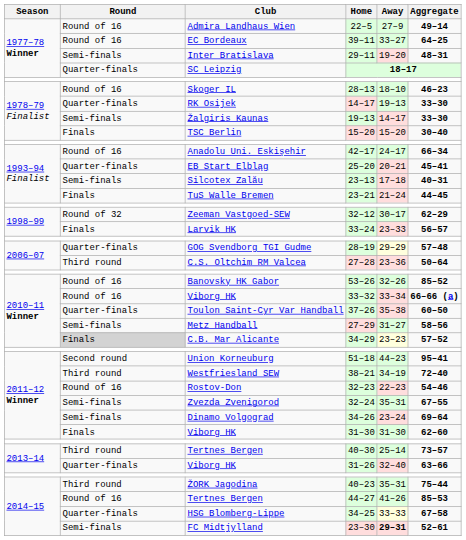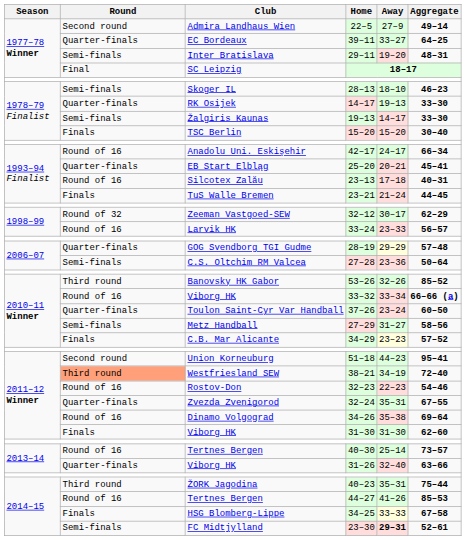 <table class="wikitable">
 <tr>
 <th width=75>Season</th>
 <th width=175>Round</th>
 <th>Club</th>
 <th>Home</th>
 <th>Away</th>
 <th>Aggregate</th>
 </tr>
 <tr>
 <td rowspan=4><a href='#'>1977–78</a><br> <strong>Winner</strong></td>
-<td>Round of 16</td>
+<td>Second round</td>
 <td> <a href='#'>Admira Landhaus Wien</a></td>
 <td style="text-align:center; background:#dfd;">22–5</td>
 <td style="text-align:center; background:#dfd;">27–9</td>
 <td style="text-align:center;"><strong>49–14</strong></td>
 </tr>
 <tr>
-<td>Round of 16</td>
+<td>Quarter-finals</td>
 <td> <a href='#'>EC Bordeaux</a></td>
 <td style="text-align:center; background:#dfd;">39–11</td>
 <td style="text-align:center; background:#dfd;">33–27</td>
 <td style="text-align:center;"><strong>64–25</strong></td>
 </tr>
 <tr>
 <td>Semi-finals</td>
 <td> <a href='#'>Inter Bratislava</a></td>
 <td style="text-align:center; background:#dfd;">29–11</td>
 <td style="text-align:center; background:#fdd;">19–20</td>
 <td style="text-align:center;"><strong>48–31</strong></td>
 </tr>
 <tr>
-<td>Quarter-finals</td>
+<td>Final</td>
 <td> <a href='#'>SC Leipzig</a></td>
 <td colspan=3; style="text-align:center; background:#dfd;"><strong>18–17</strong></td>
 </tr>
 <tr>
 <td colspan=7 style="text-align: center;" bgcolor=white></td>
 </tr>
 <tr>
 <td rowspan=4><a href='#'>1978–79</a><br> <em>Finalist</em></td>
-<td>Round of 16</td>
+<td>Semi-finals</td>
 <td> <a href='#'>Skoger IL</a></td>
 <td style="text-align:center; background:#dfd;">28–13</td>
 <td style="text-align:center; background:#dfd;">18–10</td>
 <td style="text-align:center;"><strong>46–23</strong></td>
 </tr>
 <tr>
 <td>Quarter-finals</td>
 <td> <a href='#'>RK Osijek</a></td>
 <td style="text-align:center; background:#fdd;">14–17</td>
 <td style="text-align:center; background:#dfd;">19–13</td>
 <td style="text-align:center;"><strong>33–30</strong></td>
 </tr>
 <tr>
 <td>Semi-finals</td>
 <td> <a href='#'>Žalgiris Kaunas</a></td>
 <td style="text-align:center; background:#dfd;">19–13</td>
 <td style="text-align:center; background:#fdd;">14–17</td>
 <td style="text-align:center;"><strong>33–30</strong></td>
 </tr>
 <tr>
 <td>Finals</td>
 <td> <a href='#'>TSC Berlin</a></td>
 <td style="text-align:center; background:#fdd;">15–20</td>
 <td style="text-align:center; background:#fdd;">15–20</td>
 <td style="text-align:center;"><strong>30–40</strong></td>
 </tr>
 <tr>
 <td colspan=7 style="text-align: center;" bgcolor=white></td>
 </tr>
 <tr>
 <td rowspan=4><a href='#'>1993–94</a><br> <em>Finalist</em></td>
 <td>Round of 16</td>
 <td> <a href='#'>Anadolu Uni. Eskişehir</a></td>
 <td style="text-align:center; background:#dfd;">42–17</td>
 <td style="text-align:center; background:#dfd;">24–17</td>
 <td style="text-align:center;"><strong>66–34</strong></td>
 </tr>
 <tr>
 <td>Quarter-finals</td>
 <td> <a href='#'>EB Start Elbląg</a></td>
 <td style="text-align:center; background:#dfd;">25–20</td>
 <td style="text-align:center; background:#fdd;">20–21</td>
 <td style="text-align:center;"><strong>45–41</strong></td>
 </tr>
 <tr>
-<td>Semi-finals</td>
+<td>Round of 16</td>
 <td> <a href='#'>Silcotex Zalău</a></td>
 <td style="text-align:center; background:#dfd;">23–13</td>
 <td style="text-align:center; background:#fdd;">17–18</td>
 <td style="text-align:center;"><strong>40–31</strong></td>
 </tr>
 <tr>
 <td>Finals</td>
 <td> <a href='#'>TuS Walle Bremen</a></td>
 <td style="text-align:center; background:#dfd;">23–21</td>
 <td style="text-align:center; background:#fdd;">21–24</td>
 <td style="text-align:center;"><strong>44–45</strong></td>
 </tr>
 <tr>
 <td colspan=7 style="text-align: center;" bgcolor=white></td>
 </tr>
 <tr>
 <td rowspan=2><a href='#'>1998–99</a></td>
 <td>Round of 32</td>
 <td> <a href='#'>Zeeman Vastgoed-SEW</a></td>
 <td style="text-align:center; background:#dfd;">32–12</td>
 <td style="text-align:center; background:#dfd;">30–17</td>
 <td style="text-align:center;"><strong>62–29</strong></td>
 </tr>
 <tr>
-<td>Finals</td>
+<td>Round of 16</td>
 <td> <a href='#'>Larvik HK</a></td>
 <td style="text-align:center; background:#dfd;">33–24</td>
 <td style="text-align:center; background:#fdd;">23–33</td>
 <td style="text-align:center;"><strong>56–57</strong></td>
 </tr>
 <tr>
 <td colspan=7 style="text-align: center;" bgcolor=white></td>
 </tr>
 <tr>
 <td rowspan=2><a href='#'>2006–07</a></td>
 <td>Quarter-finals</td>
 <td> <a href='#'>GOG Svendborg TGI Gudme</a></td>
 <td style="text-align:center; background:#dfd;">28–19</td>
 <td style="text-align:center; background:#ffd;">29–29</td>
 <td style="text-align:center;"><strong>57–48</strong></td>
 </tr>
 <tr>
-<td>Third round</td>
+<td>Semi-finals</td>
 <td> <a href='#'>C.S. Oltchim RM Valcea</a></td>
 <td style="text-align:center; background:#fdd;">27–28</td>
 <td style="text-align:center; background:#fdd;">23–36</td>
 <td style="text-align:center;"><strong>50–64</strong></td>
 </tr>
 <tr>
 <td colspan=7 style="text-align: center;" bgcolor=white></td>
 </tr>
 <tr>
 <td rowspan=5><a href='#'>2010–11</a><br> <strong>Winner</strong></td>
-<td>Round of 16</td>
+<td>Third round</td>
 <td> <a href='#'>Banovsky HK Gabor</a></td>
 <td style="text-align:center; background:#dfd;">53–26</td>
 <td style="text-align:center; background:#dfd;">32–26</td>
 <td style="text-align:center;"><strong>85–52</strong></td>
 </tr>
 <tr>
 <td>Round of 16</td>
 <td> <a href='#'>Viborg HK</a></td>
 <td style="text-align:center; background:#dfd;">33–32</td>
 <td style="text-align:center; background:#fdd;">33–34</td>
 <td style="text-align:center;"><strong>66–66 (<a href='#'>a</a>)</strong></td>
 </tr>
 <tr>
 <td>Quarter-finals</td>
 <td> <a href='#'>Toulon Saint-Cyr Var Handball</a></td>
 <td style="text-align:center; background:#dfd;">37–26</td>
-<td style="text-align:center; background:#fdd;">35–38</td>
+<td style="text-align:center; background:#fdd;">23–24</td>
 <td style="text-align:center;"><strong>60–50</strong></td>
 </tr>
 <tr>
 <td>Semi-finals</td>
 <td> <a href='#'>Metz Handball</a></td>
 <td style="text-align:center; background:#fdd;">27–29</td>
 <td style="text-align:center; background:#dfd;">31–27</td>
 <td style="text-align:center;"><strong>58–56</strong></td>
 </tr>
 <tr>
-<td style="background: lightgrey;">Finals</td>
+<td>Finals</td>
 <td> <a href='#'>C.B. Mar Alicante</a></td>
 <td style="text-align:center; background:#dfd;">34–29</td>
 <td style="text-align:center; background:#ffd;">23–23</td>
 <td style="text-align:center;"><strong>57–52</strong></td>
 </tr>
 <tr>
 <td colspan=7 style="text-align: center;" bgcolor=white></td>
 </tr>
 <tr>
 <td rowspan=6><a href='#'>2011–12</a><br> <strong>Winner</strong></td>
 <td>Second round</td>
 <td> <a href='#'>Union Korneuburg</a></td>
 <td style="text-align:center; background:#dfd;">51–18</td>
 <td style="text-align:center; background:#dfd;">44–23</td>
 <td style="text-align:center;"><strong>95–41</strong></td>
 </tr>
 <tr>
-<td>Third round</td>
+<td style="background: lightsalmon;">Third round</td>
 <td> <a href='#'>Westfriesland SEW</a></td>
 <td style="text-align:center; background:#dfd;">38–21</td>
 <td style="text-align:center; background:#dfd;">34–19</td>
 <td style="text-align:center;"><strong>72–40</strong></td>
 </tr>
 <tr>
 <td>Round of 16</td>
 <td> <a href='#'>Rostov-Don</a></td>
 <td style="text-align:center; background:#dfd;">32–23</td>
 <td style="text-align:center; background:#fdd;">22–23</td>
 <td style="text-align:center;"><strong>54–46</strong></td>
 </tr>
 <tr>
-<td>Semi-finals</td>
+<td>Quarter-finals</td>
 <td> <a href='#'>Zvezda Zvenigorod</a></td>
 <td style="text-align:center; background:#dfd;">32–24</td>
 <td style="text-align:center; background:#dfd;">35–31</td>
 <td style="text-align:center;"><strong>67–55</strong></td>
 </tr>
 <tr>
-<td>Semi-finals</td>
+<td>Round of 16</td>
 <td> <a href='#'>Dinamo Volgograd</a></td>
 <td style="text-align:center; background:#dfd;">34–26</td>
-<td style="text-align:center; background:#fdd;">23–24</td>
+<td style="text-align:center; background:#fdd;">35–38</td>
 <td style="text-align:center;"><strong>69–64</strong></td>
 </tr>
 <tr>
 <td>Finals</td>
 <td> <a href='#'>Viborg HK</a></td>
 <td style="text-align:center; background:#dfd;">31–30</td>
 <td style="text-align:center; background:#dfd;">31–30</td>
 <td style="text-align:center;"><strong>62–60</strong></td>
 </tr>
 <tr>
 <td colspan=7 style="text-align: center;" bgcolor=white></td>
 </tr>
 <tr>
 <td rowspan=2><a href='#'>2013–14</a></td>
-<td>Third round</td>
+<td>Round of 16</td>
 <td> <a href='#'>Tertnes Bergen</a></td>
 <td style="text-align:center; background:#dfd;">40–30</td>
 <td style="text-align:center; background:#dfd;">25–14</td>
 <td style="text-align:center;"><strong>73–57</strong></td>
 </tr>
 <tr>
 <td>Quarter-finals</td>
 <td> <a href='#'>Viborg HK</a></td>
 <td style="text-align:center; background:#dfd;">31–26</td>
 <td style="text-align:center; background:#fdd;">32–40</td>
 <td style="text-align:center;"><strong>63–66</strong></td>
 </tr>
 <tr>
 <td colspan=7 style="text-align: center;" bgcolor=white></td>
 </tr>
 <tr>
 <td rowspan=4><a href='#'>2014–15</a></td>
 <td>Third round</td>
 <td> <a href='#'>ŽORK Jagodina</a></td>
 <td style="text-align:center; background:#dfd;">40–23</td>
 <td style="text-align:center; background:#dfd;">35–31</td>
 <td style="text-align:center;"><strong>75–44</strong></td>
 </tr>
 <tr>
 <td>Round of 16</td>
 <td> <a href='#'>Tertnes Bergen</a></td>
 <td style="text-align:center; background:#dfd;">44–27</td>
 <td style="text-align:center; background:#dfd;">41–26</td>
 <td style="text-align:center;"><strong>85–53</strong></td>
 </tr>
 <tr>
-<td>Quarter-finals</td>
+<td>Finals</td>
 <td> <a href='#'>HSG Blomberg-Lippe</a></td>
 <td style="text-align:center; background:#dfd;">34–25</td>
 <td style="text-align:center; background:#ffd;">33–33</td>
 <td style="text-align:center;"><strong>67–58</strong></td>
 </tr>
 <tr>
 <td>Semi-finals</td>
 <td> <a href='#'>FC Midtjylland</a></td>
 <td style="text-align:center; background:#fdd;">23–30</td>
 <td style="text-align:center; background:#fdd;"><strong>29–31</strong></td>
 <td style="text-align:center;"><strong>52–61</strong></td>
 </tr>
 </table>
